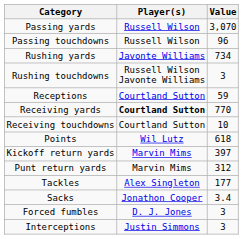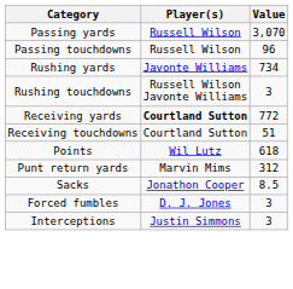 <table class="wikitable" style="text-align:center">
 <tr>
 <th>Category</th>
 <th>Player(s)</th>
 <th>Value</th>
 </tr>
 <tr>
 <td>Passing yards</td>
 <td><a href='#'>Russell Wilson</a></td>
 <td>3,070</td>
 </tr>
 <tr>
 <td>Passing touchdowns</td>
 <td>Russell Wilson</td>
 <td>96</td>
 </tr>
 <tr>
 <td>Rushing yards</td>
 <td><a href='#'>Javonte Williams</a></td>
 <td>734</td>
 </tr>
 <tr>
 <td>Rushing touchdowns</td>
 <td>Russell Wilson<br>Javonte Williams</td>
 <td>3</td>
 </tr>
 <tr>
-<td>Receptions</td>
-<td><a href='#'>Courtland Sutton</a></td>
-<td>59</td>
-</tr>
-<tr>
 <td>Receiving yards</td>
 <td><strong>Courtland Sutton</strong></td>
-<td>770</td>
+<td>772</td>
 </tr>
 <tr>
 <td>Receiving touchdowns</td>
 <td>Courtland Sutton</td>
-<td>10</td>
+<td>51</td>
 </tr>
 <tr>
 <td>Points</td>
 <td><a href='#'>Wil Lutz</a></td>
 <td>618</td>
 </tr>
 <tr>
-<td>Kickoff return yards</td>
-<td><a href='#'>Marvin Mims</a></td>
-<td>397</td>
-</tr>
-<tr>
 <td>Punt return yards</td>
 <td>Marvin Mims</td>
 <td>312</td>
 </tr>
 <tr>
-<td>Tackles</td>
-<td><a href='#'>Alex Singleton</a></td>
-<td>177</td>
-</tr>
-<tr>
 <td>Sacks</td>
 <td><a href='#'>Jonathon Cooper</a></td>
-<td>3.4</td>
+<td>8.5</td>
 </tr>
 <tr>
 <td>Forced fumbles</td>
 <td><a href='#'>D. J. Jones</a></td>
 <td>3</td>
 </tr>
 <tr>
 <td>Interceptions</td>
 <td><a href='#'>Justin Simmons</a></td>
 <td>3</td>
 </tr>
 </table>
